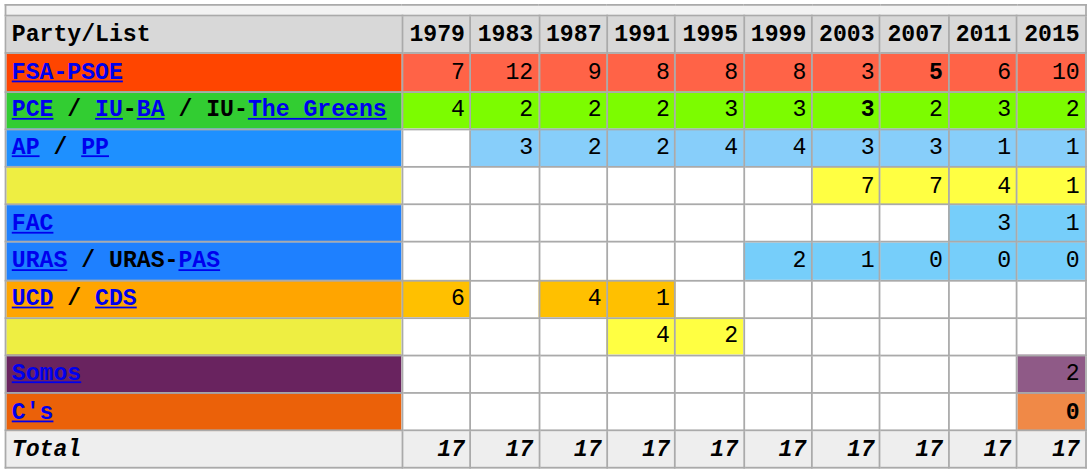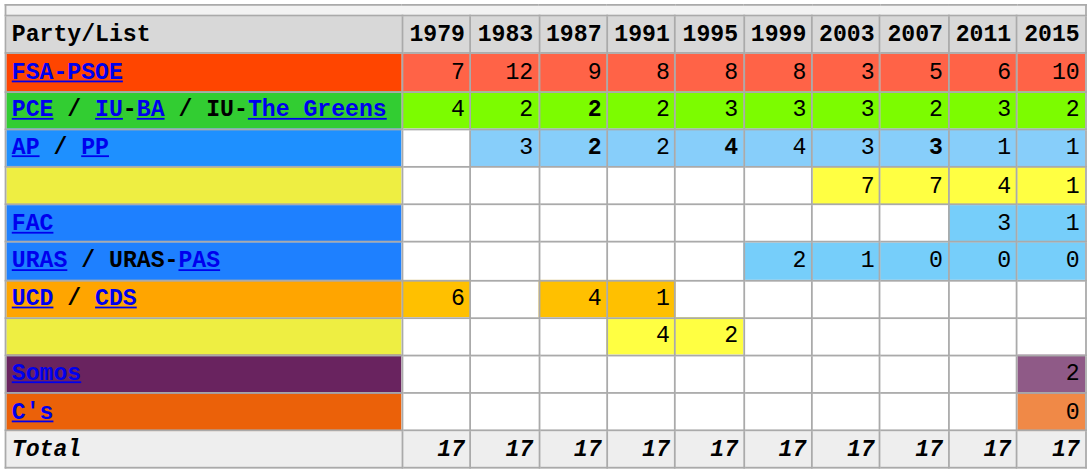 <table class="wikitable" style="margin:0 auto">
 <tr>
 <th colspan="11" width="600px" bgcolor="#C0C0C0"></th>
 </tr>
 <tr bgcolor="#D8D8D8">
 <td><strong>Party/List</strong></td>
 <td align="right"><strong>1979</strong></td>
 <td align="right"><strong>1983</strong></td>
 <td align="right"><strong>1987</strong></td>
 <td align="right"><strong>1991</strong></td>
 <td align="right"><strong>1995</strong></td>
 <td align="right"><strong>1999</strong></td>
 <td align="right"><strong>2003</strong></td>
 <td align="right"><strong>2007</strong></td>
 <td align="right"><strong>2011</strong></td>
 <td align="right"><strong>2015</strong></td>
 </tr>
 <tr>
 <td bgcolor="#FF4500"><strong><a href='#'><span>FSA-PSOE</span></a></strong></td>
 <td bgcolor="#FF6347" align="right">7</td>
 <td bgcolor="#FF6347" align="right">12</td>
 <td bgcolor="#FF6347" align="right">9</td>
 <td bgcolor="#FF6347" align="right">8</td>
 <td bgcolor="#FF6347" align="right">8</td>
 <td bgcolor="#FF6347" align="right">8</td>
 <td bgcolor="#FF6347" align="right">3</td>
-<td bgcolor="#FF6347" align="right"><strong>5</strong></td>
+<td bgcolor="#FF6347" align="right">5</td>
 <td bgcolor="#FF6347" align="right">6</td>
 <td bgcolor="#FF6347" align="right">10</td>
 </tr>
 <tr>
 <td bgcolor="#32CD32"><strong><a href='#'><span>PCE</span></a> / <a href='#'><span>IU</span></a>-<a href='#'><span>BA</span></a> / <span>IU-</span><a href='#'><span>The Greens</span></a></strong></td>
 <td bgcolor="#7CFC00" align="right">4</td>
 <td bgcolor="#7CFC00" align="right">2</td>
-<td bgcolor="#7CFC00" align="right">2</td>
+<td bgcolor="#7CFC00" align="right"><strong>2</strong></td>
 <td bgcolor="#7CFC00" align="right">2</td>
 <td bgcolor="#7CFC00" align="right">3</td>
 <td bgcolor="#7CFC00" align="right">3</td>
-<td bgcolor="#7CFC00" align="right"><strong>3</strong></td>
+<td bgcolor="#7CFC00" align="right">3</td>
 <td bgcolor="#7CFC00" align="right">2</td>
 <td bgcolor="#7CFC00" align="right">3</td>
 <td bgcolor="#7CFC00" align="right">2</td>
 </tr>
 <tr>
 <td bgcolor="#1E90FF"><strong><a href='#'><span>AP</span></a> / <a href='#'><span>PP</span></a></strong></td>
 <td bgcolor="#FFFFFF" align="right"></td>
 <td bgcolor="#87CEFA" align="right">3</td>
+<td bgcolor="#87CEFA" align="right"><strong>2</strong></td>
 <td bgcolor="#87CEFA" align="right">2</td>
-<td bgcolor="#87CEFA" align="right">2</td>
-<td bgcolor="#87CEFA" align="right">4</td>
+<td bgcolor="#87CEFA" align="right"><strong>4</strong></td>
 <td bgcolor="#87CEFA" align="right">4</td>
 <td bgcolor="#87CEFA" align="right">3</td>
-<td bgcolor="#87CEFA" align="right">3</td>
+<td bgcolor="#87CEFA" align="right"><strong>3</strong></td>
 <td bgcolor="#87CEFA" align="right">1</td>
 <td bgcolor="#87CEFA" align="right">1</td>
 </tr>
 <tr>
 <td bgcolor="#EEEE42"><strong></strong></td>
 <td bgcolor="#FFFFFF" align="right"></td>
 <td bgcolor="#FFFFFF" align="right"></td>
 <td bgcolor="#FFFFFF" align="right"></td>
 <td bgcolor="#FFFFFF" align="right"></td>
 <td bgcolor="#FFFFFF" align="right"></td>
 <td bgcolor="#FFFFFF" align="right"></td>
 <td bgcolor="#FFFF42" align="right">7</td>
 <td bgcolor="#FFFF42" align="right">7</td>
 <td bgcolor="#FFFF42" align="right">4</td>
 <td bgcolor="#FFFF42" align="right">1</td>
 </tr>
 <tr>
 <td bgcolor="#1E80FF"><strong><a href='#'><span>FAC</span></a></strong></td>
 <td bgcolor="#FFFFFF" align="right"></td>
 <td bgcolor="#FFFFFF" align="right"></td>
 <td bgcolor="#FFFFFF" align="right"></td>
 <td bgcolor="#FFFFFF" align="right"></td>
 <td bgcolor="#FFFFFF" align="right"></td>
 <td bgcolor="#FFFFFF" align="right"></td>
 <td bgcolor="#FFFFFF" align="right"></td>
 <td bgcolor="#FFFFFF" align="right"></td>
 <td bgcolor="#76CEFA" align="right">3</td>
 <td bgcolor="#76CEFA" align="right">1</td>
 </tr>
 <tr>
 <td bgcolor="#1E80FF"><strong><a href='#'><span>URAS</span></a> / <span>URAS</span>-<a href='#'><span>PAS</span></a></strong></td>
 <td bgcolor="#FFFFFF" align="right"></td>
 <td bgcolor="#FFFFFF" align="right"></td>
 <td bgcolor="#FFFFFF" align="right"></td>
 <td bgcolor="#FFFFFF" align="right"></td>
 <td bgcolor="#FFFFFF" align="right"></td>
 <td bgcolor="#76CEFA" align="right">2</td>
 <td bgcolor="#76CEFA" align="right">1</td>
 <td bgcolor="#76CEFA" align="right">0</td>
 <td bgcolor="#76CEFA" align="right">0</td>
 <td bgcolor="#76CEFA" align="right">0</td>
 </tr>
 <tr>
 <td bgcolor="#FFA500"><strong><a href='#'><span>UCD</span></a> / <a href='#'><span>CDS</span></a></strong></td>
 <td bgcolor="#FFC000" align="right">6</td>
 <td bgcolor="#FFFFFF" align="right"></td>
 <td bgcolor="#FFC000" align="right">4</td>
 <td bgcolor="#FFC000" align="right">1</td>
 <td bgcolor="#FFFFFF" align="right"></td>
 <td bgcolor="#FFFFFF" align="right"></td>
 <td bgcolor="#FFFFFF" align="right"></td>
 <td bgcolor="#FFFFFF" align="right"></td>
 <td bgcolor="#FFFFFF" align="right"></td>
 <td bgcolor="#FFFFFF" align="right"></td>
 </tr>
 <tr>
 <td bgcolor="#EEEE42"><strong></strong></td>
 <td bgcolor="#FFFFFF" align="right"></td>
 <td bgcolor="#FFFFFF" align="right"></td>
 <td bgcolor="#FFFFFF" align="right"></td>
 <td bgcolor="#FFFF42" align="right">4</td>
 <td bgcolor="#FFFF42" align="right">2</td>
 <td bgcolor="#FFFFFF" align="right"></td>
 <td bgcolor="#FFFFFF" align="right"></td>
 <td bgcolor="#FFFFFF" align="right"></td>
 <td bgcolor="#FFFFFF" align="right"></td>
 <td bgcolor="#FFFFFF" align="right"></td>
 </tr>
 <tr>
 <td bgcolor="#69235F"><strong><a href='#'><span>Somos</span></a></strong></td>
 <td bgcolor="#FFFFFF" align="right"></td>
 <td bgcolor="#FFFFFF" align="right"></td>
 <td bgcolor="#FFFFFF" align="right"></td>
 <td bgcolor="#FFFFFF" align="right"></td>
 <td bgcolor="#FFFFFF" align="right"></td>
 <td bgcolor="#FFFFFF" align="right"></td>
 <td bgcolor="#FFFFFF" align="right"></td>
 <td bgcolor="#FFFFFF" align="right"></td>
 <td bgcolor="#FFFFFF" align="right"></td>
 <td bgcolor="#8F5A87" align="right">2</td>
 </tr>
 <tr>
 <td bgcolor="#EB6109"><strong><a href='#'><span>C's</span></a></strong></td>
 <td bgcolor="#FFFFFF" align="right"></td>
 <td bgcolor="#FFFFFF" align="right"></td>
 <td bgcolor="#FFFFFF" align="right"></td>
 <td bgcolor="#FFFFFF" align="right"></td>
 <td bgcolor="#FFFFFF" align="right"></td>
 <td bgcolor="#FFFFFF" align="right"></td>
 <td bgcolor="#FFFFFF" align="right"></td>
 <td bgcolor="#FFFFFF" align="right"></td>
 <td bgcolor="#FFFFFF" align="right"></td>
-<td bgcolor="#F08947" align="right"><strong>0</strong></td>
+<td bgcolor="#F08947" align="right">0</td>
 </tr>
 <tr bgcolor="#EEEEEE">
 <td><strong><em>Total</em></strong></td>
 <td align="right"><strong><em>17</em></strong></td>
 <td align="right"><strong><em>17</em></strong></td>
 <td align="right"><strong><em>17</em></strong></td>
 <td align="right"><strong><em>17</em></strong></td>
 <td align="right"><strong><em>17</em></strong></td>
 <td align="right"><strong><em>17</em></strong></td>
 <td align="right"><strong><em>17</em></strong></td>
 <td align="right"><strong><em>17</em></strong></td>
 <td align="right"><strong><em>17</em></strong></td>
 <td align="right"><strong><em>17</em></strong></td>
 </tr>
 </table>
